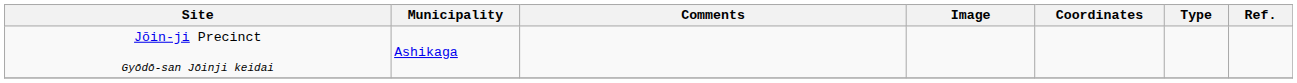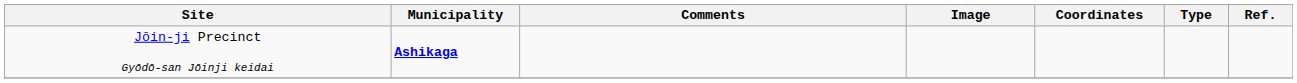 <table class="wikitable sortable"  style="width:100%;">
 <tr>
 <th width="30%" align="left">Site</th>
 <th width="10%" align="left">Municipality</th>
 <th width="30%" align="left" class="unsortable">Comments</th>
 <th width="10%" align="left"  class="unsortable">Image</th>
 <th width="10%" align="left" class="unsortable">Coordinates</th>
 <th width="5%" align="left">Type</th>
 <th width="5%" align="left"  class="unsortable">Ref.</th>
 </tr>
 <tr>
 <td align="center"><a href='#'>Jōin-ji</a> Precinct<br><br><small><em>Gyōdō-san Jōinji keidai</em></small></td>
-<td><a href='#'>Ashikaga</a></td>
+<td><strong><a href='#'>Ashikaga</a></strong></td>
 <td></td>
 <td></td>
 <td></td>
 <td></td>
 <td></td>
 </tr>
 <tr>
 </tr>
 </table>
